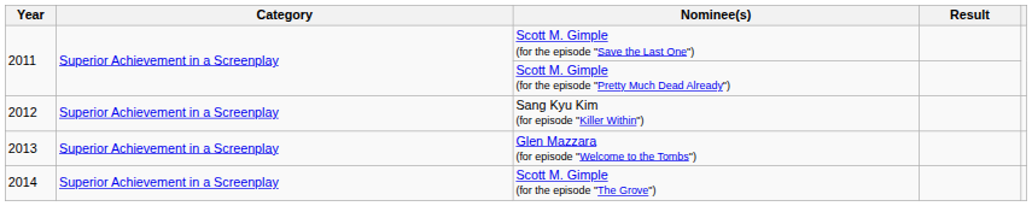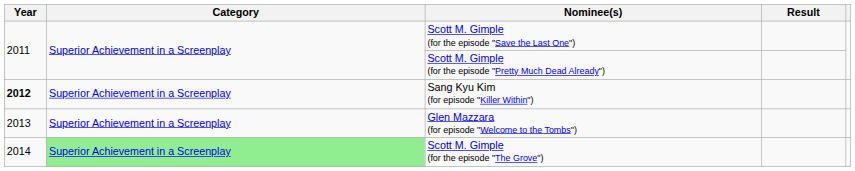 <table class="wikitable" width=100%>
 <tr>
 <th width=5%>Year</th>
 <th width=45%>Category</th>
 <th width=40%>Nominee(s)</th>
 <th width=10%>Result</th>
 <th width=5%></th>
 </tr>
 <tr>
 <td rowspan=2>2011</td>
 <td rowspan=2><a href='#'>Superior Achievement in a Screenplay</a></td>
 <td><a href='#'>Scott M. Gimple</a> <br><small> (for the episode "<a href='#'>Save the Last One</a>") </small></td>
 <td></td>
 <td rowspan="2"></td>
 </tr>
 <tr>
 <td><a href='#'>Scott M. Gimple</a> <br><small> (for the episode "<a href='#'>Pretty Much Dead Already</a>") </small></td>
 <td></td>
 </tr>
 <tr>
-<td>2012</td>
+<td><strong>2012</strong></td>
 <td><a href='#'>Superior Achievement in a Screenplay</a></td>
 <td>Sang Kyu Kim <br><small>(for episode "<a href='#'>Killer Within</a>")</small></td>
 <td></td>
 <td></td>
 </tr>
 <tr>
 <td>2013</td>
 <td><a href='#'>Superior Achievement in a Screenplay</a></td>
 <td><a href='#'>Glen Mazzara</a> <br> <small>(for episode "<a href='#'>Welcome to the Tombs</a>")</small></td>
 <td></td>
 <td></td>
 </tr>
 <tr>
 <td>2014</td>
-<td><a href='#'>Superior Achievement in a Screenplay</a></td>
+<td style="background: lightgreen;"><a href='#'>Superior Achievement in a Screenplay</a></td>
 <td><a href='#'>Scott M. Gimple</a> <br><small>(for the episode "<a href='#'>The Grove</a>")</small></td>
 <td></td>
 <td></td>
 </tr>
 </table>
